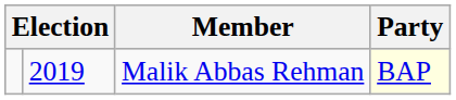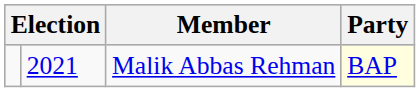 <table class="wikitable">
 <tr>
 <th colspan="2">Election</th>
 <th>Member</th>
 <th>Party</th>
 </tr>
 <tr>
 <td style="background-color: "></td>
-<td><a href='#'>2019</a></td>
+<td><a href='#'>2021</a></td>
 <td><a href='#'>Malik Abbas Rehman</a></td>
 <td style="background: lightyellow;"><a href='#'>BAP</a></td>
 </tr>
 </table>
